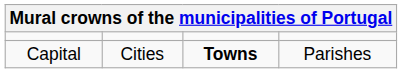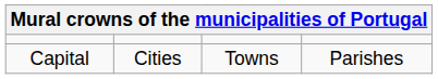 <table class="wikitable" style="margin:1em auto;">
 <tr>
 <th colspan=5>Mural crowns of the <a href='#'>municipalities of Portugal</a></th>
 </tr>
 <tr>
 <td align=center></td>
 <td align=center></td>
 <td align=center></td>
 <td align=center></td>
 </tr>
 <tr>
 <td align=center>Capital</td>
 <td align=center>Cities</td>
-<td align=center><strong>Towns</strong></td>
+<td align=center>Towns</td>
 <td align=center>Parishes</td>
 </tr>
 </table>
